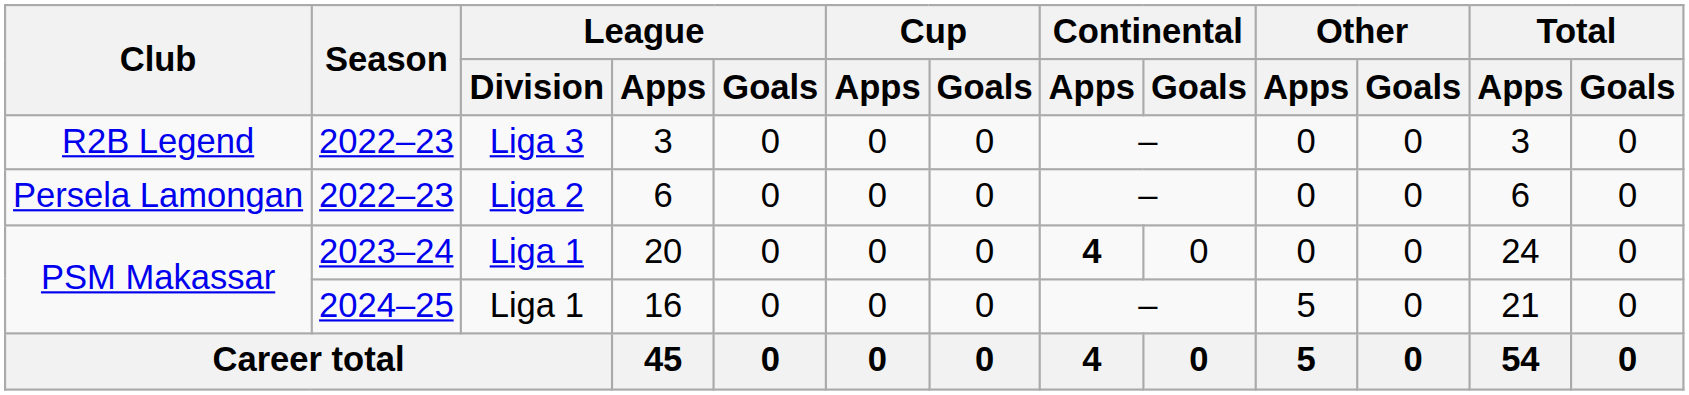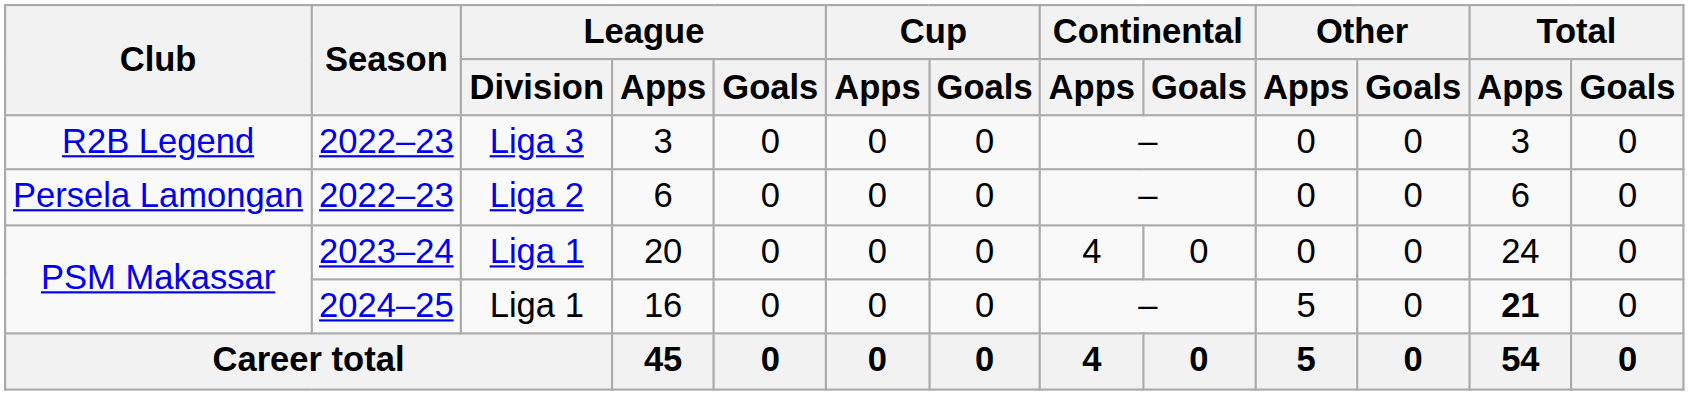 <table class="wikitable" style="text-align: center">
 <tr>
 <th rowspan="2">Club</th>
 <th rowspan="2">Season</th>
 <th colspan="3">League</th>
 <th colspan="2">Cup</th>
 <th colspan="2">Continental</th>
 <th colspan="2">Other</th>
 <th colspan="3">Total</th>
 </tr>
 <tr>
 <th>Division</th>
 <th>Apps</th>
 <th>Goals</th>
 <th>Apps</th>
 <th>Goals</th>
 <th>Apps</th>
 <th>Goals</th>
 <th>Apps</th>
 <th>Goals</th>
 <th>Apps</th>
 <th>Goals</th>
 </tr>
 <tr>
 <td rowspan="1"><a href='#'>R2B Legend</a></td>
 <td><a href='#'>2022–23</a></td>
 <td rowspan="1" valign="center"><a href='#'>Liga 3</a></td>
 <td>3</td>
 <td>0</td>
 <td>0</td>
 <td>0</td>
 <td colspan="2">–</td>
 <td>0</td>
 <td>0</td>
 <td>3</td>
 <td>0</td>
 </tr>
 <tr>
 <td rowspan="1"><a href='#'>Persela Lamongan</a></td>
 <td><a href='#'>2022–23</a></td>
 <td rowspan="1" valign="center"><a href='#'>Liga 2</a></td>
 <td>6</td>
 <td>0</td>
 <td>0</td>
 <td>0</td>
 <td colspan="2">–</td>
 <td>0</td>
 <td>0</td>
 <td>6</td>
 <td>0</td>
 </tr>
 <tr>
 <td rowspan="2"><a href='#'>PSM Makassar</a></td>
 <td><a href='#'>2023–24</a></td>
 <td rowspan="1" valign="center"><a href='#'>Liga 1</a></td>
 <td>20</td>
 <td>0</td>
 <td>0</td>
 <td>0</td>
-<td><strong>4</strong></td>
+<td>4</td>
 <td>0</td>
 <td>0</td>
 <td>0</td>
 <td>24</td>
 <td>0</td>
 </tr>
 <tr>
 <td><a href='#'>2024–25</a></td>
 <td>Liga 1</td>
 <td>16</td>
 <td>0</td>
 <td>0</td>
 <td>0</td>
 <td colspan="2">–</td>
 <td>5</td>
 <td>0</td>
-<td>21</td>
+<td><strong>21</strong></td>
 <td>0</td>
 </tr>
 <tr>
 <th colspan=3>Career total</th>
 <th>45</th>
 <th>0</th>
 <th>0</th>
 <th>0</th>
 <th>4</th>
 <th>0</th>
 <th>5</th>
 <th>0</th>
 <th>54</th>
 <th>0</th>
 </tr>
 </table>
